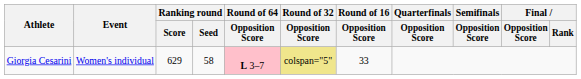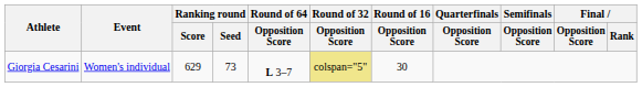 <table class="wikitable" style="font-size:90%; text-align:center">
 <tr>
 <th rowspan=2>Athlete</th>
 <th rowspan=2>Event</th>
 <th colspan="2">Ranking round</th>
 <th>Round of 64</th>
 <th>Round of 32</th>
 <th>Round of 16</th>
 <th>Quarterfinals</th>
 <th>Semifinals</th>
 <th colspan="2">Final / </th>
 </tr>
 <tr style="font-size:95%">
 <th>Score</th>
 <th>Seed</th>
 <th>Opposition<br>Score</th>
 <th>Opposition<br>Score</th>
 <th>Opposition<br>Score</th>
 <th>Opposition<br>Score</th>
 <th>Opposition<br>Score</th>
 <th>Opposition<br>Score</th>
 <th>Rank</th>
 </tr>
 <tr align=center>
 <td align=left><a href='#'>Giorgia Cesarini</a></td>
 <td align=left><a href='#'>Women's individual</a></td>
 <td>629</td>
-<td>58</td>
-<td style="background: pink;"><br><strong>L</strong> 3–7</td>
+<td>73</td>
+<td><br><strong>L</strong> 3–7</td>
 <td style="background: khaki;">colspan="5" </td>
-<td>33</td>
+<td>30</td>
 </tr>
 </table>
